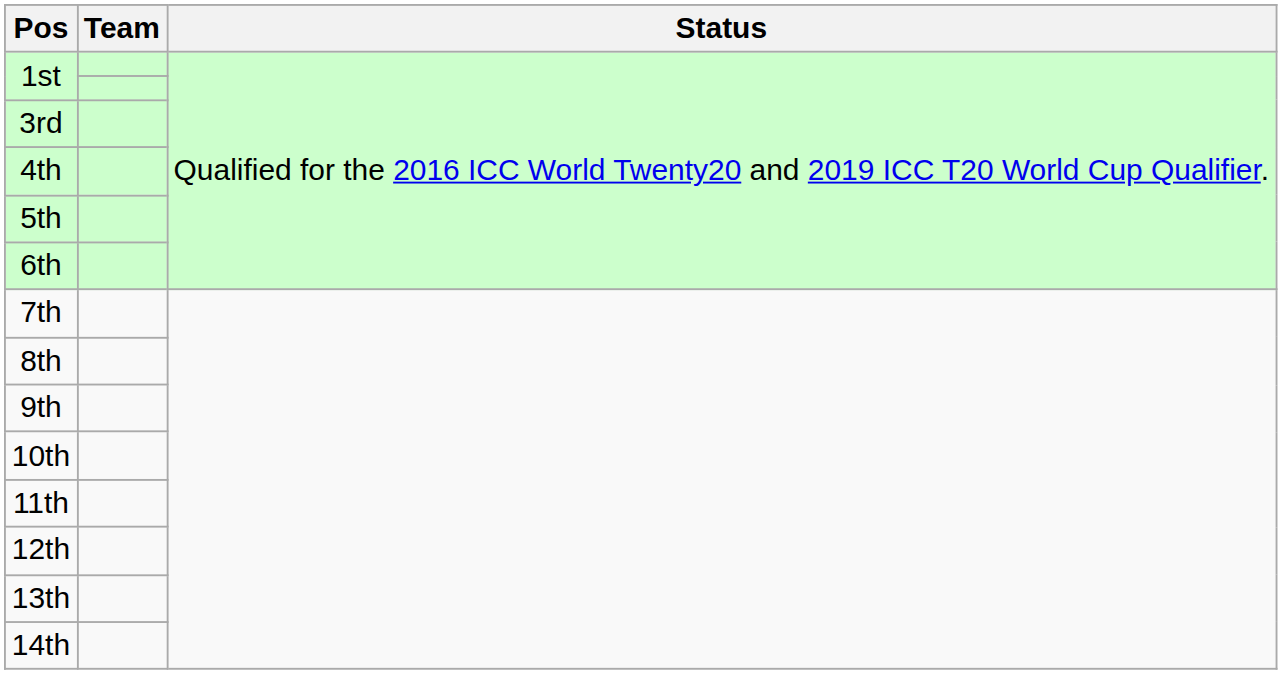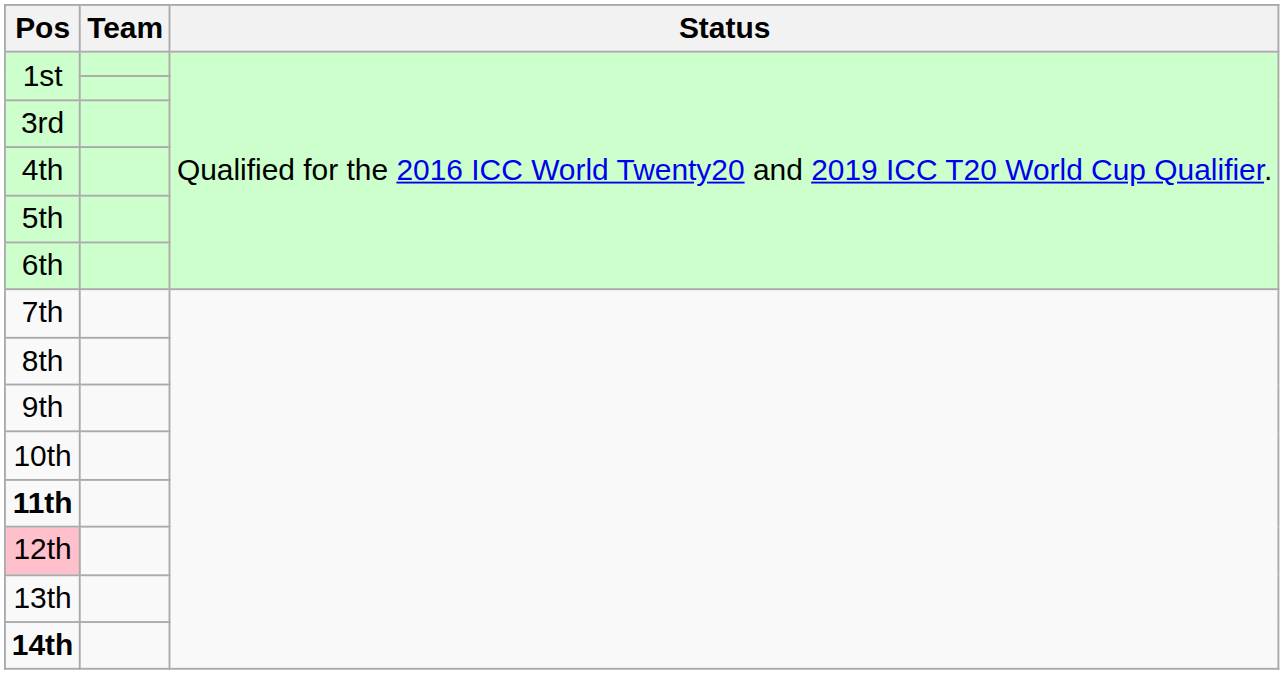 <table class="wikitable">
 <tr>
 <th>Pos</th>
 <th>Team</th>
 <th>Status</th>
 </tr>
 <tr style="background:#cfc">
 <td style="text-align:center" rowspan=2>1st</td>
 <td></td>
 <td rowspan=6>Qualified for the <a href='#'>2016 ICC World Twenty20</a> and <a href='#'>2019 ICC T20 World Cup Qualifier</a>.</td>
 </tr>
 <tr style="background:#cfc">
 <td></td>
 </tr>
 <tr style="background:#cfc">
 <td style="text-align:center">3rd</td>
 <td></td>
 </tr>
 <tr style="background:#cfc">
 <td style="text-align:center">4th</td>
 <td></td>
 </tr>
 <tr style="background:#cfc">
 <td style="text-align:center">5th</td>
 <td></td>
 </tr>
 <tr style="background:#cfc">
 <td style="text-align:center">6th</td>
 <td></td>
 </tr>
 <tr>
 <td style="text-align:center">7th</td>
 <td></td>
 </tr>
 <tr>
 <td style="text-align:center">8th</td>
 <td></td>
 </tr>
 <tr>
 <td style="text-align:center">9th</td>
 <td></td>
 </tr>
 <tr>
 <td style="text-align:center">10th</td>
 <td></td>
 </tr>
 <tr>
-<td style="text-align:center">11th</td>
+<td style="text-align:center"><strong>11th</strong></td>
 <td></td>
 </tr>
 <tr>
-<td style="text-align:center">12th</td>
+<td style="background: pink; text-align:center">12th</td>
 <td></td>
 </tr>
 <tr>
 <td style="text-align:center">13th</td>
 <td></td>
 </tr>
 <tr>
-<td style="text-align:center">14th</td>
+<td style="text-align:center"><strong>14th</strong></td>
 <td></td>
 </tr>
 </table>
